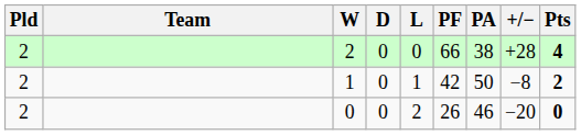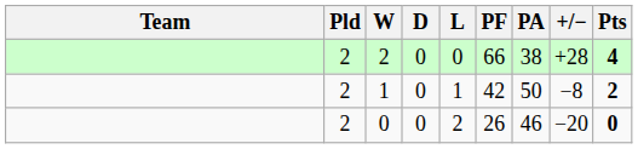 <table class="wikitable" style="text-align:center">
 <tr>
+<th width="230">Team</th>
 <th width="20">Pld</th>
-<th width="230">Team</th>
 <th width="20">W</th>
 <th width="20">D</th>
 <th width="20">L</th>
 <th width="20">PF</th>
 <th width="20">PA</th>
 <th width="25">+/−</th>
 <th width="20">Pts</th>
 </tr>
 <tr style="background: #ccffcc;">
+<td style="text-align:left;"></td>
 <td>2</td>
-<td style="text-align:left;"></td>
 <td>2</td>
 <td>0</td>
 <td>0</td>
 <td>66</td>
 <td>38</td>
 <td>+28</td>
 <td><strong>4</strong></td>
 </tr>
 <tr>
+<td style="text-align:left;"></td>
 <td>2</td>
-<td style="text-align:left;"></td>
 <td>1</td>
 <td>0</td>
 <td>1</td>
 <td>42</td>
 <td>50</td>
 <td>−8</td>
 <td><strong>2</strong></td>
 </tr>
 <tr>
+<td style="text-align:left;"></td>
 <td>2</td>
-<td style="text-align:left;"></td>
 <td>0</td>
 <td>0</td>
 <td>2</td>
 <td>26</td>
 <td>46</td>
 <td>−20</td>
 <td><strong>0</strong></td>
 </tr>
 </table>
